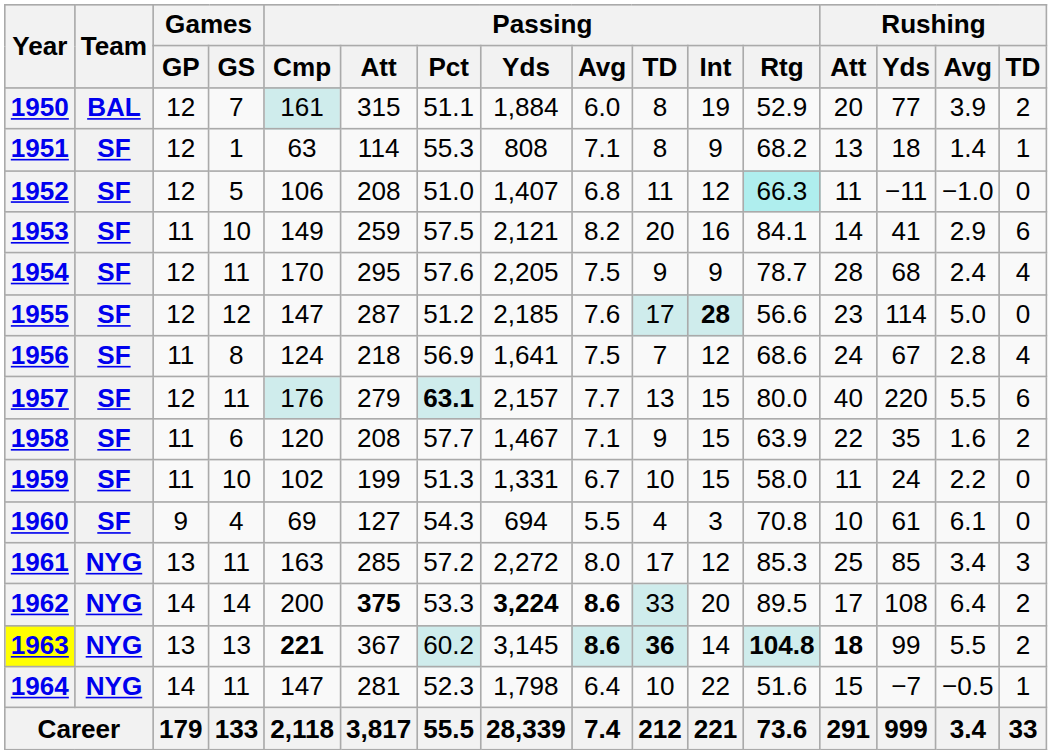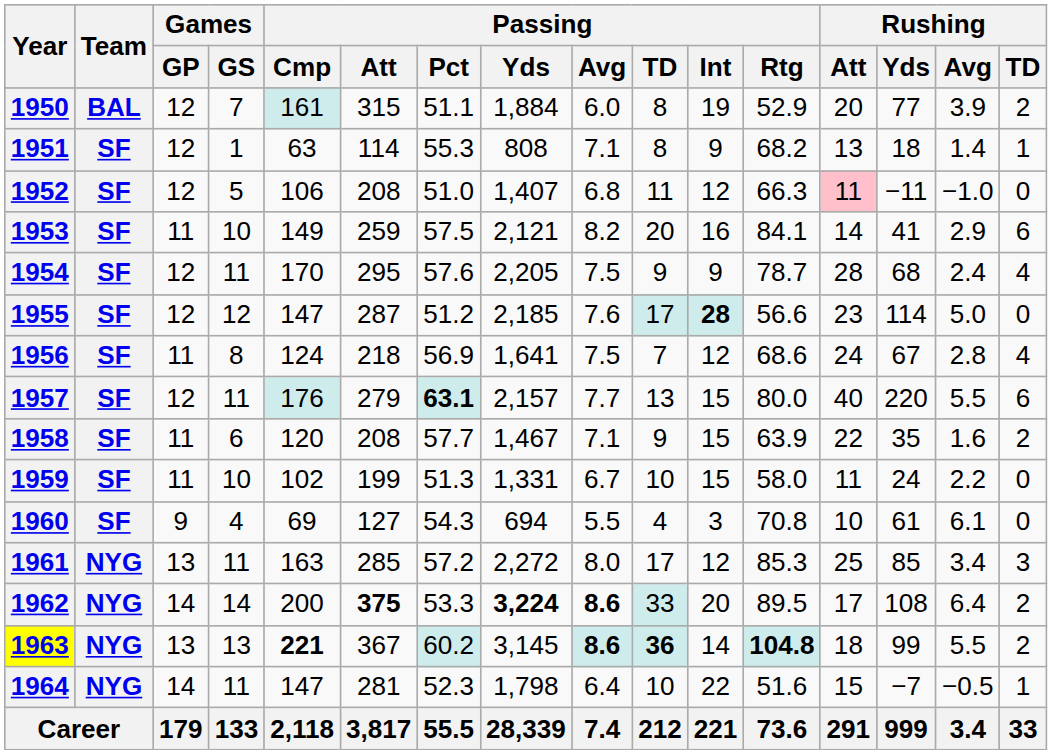 <table class="wikitable" style="text-align:center;">
 <tr>
 <th rowspan="2">Year</th>
 <th rowspan="2">Team</th>
 <th colspan="2">Games</th>
 <th colspan="8">Passing</th>
 <th colspan="4">Rushing</th>
 </tr>
 <tr>
 <th>GP</th>
 <th>GS</th>
 <th>Cmp</th>
 <th>Att</th>
 <th>Pct</th>
 <th>Yds</th>
 <th>Avg</th>
 <th>TD</th>
 <th>Int</th>
 <th>Rtg</th>
 <th>Att</th>
 <th>Yds</th>
 <th>Avg</th>
 <th>TD</th>
 </tr>
 <tr>
 <th><a href='#'>1950</a></th>
 <th><a href='#'>BAL</a></th>
 <td>12</td>
 <td>7</td>
 <td style="background:#cfecec;">161</td>
 <td>315</td>
 <td>51.1</td>
 <td>1,884</td>
 <td>6.0</td>
 <td>8</td>
 <td>19</td>
 <td>52.9</td>
 <td>20</td>
 <td>77</td>
 <td>3.9</td>
 <td>2</td>
 </tr>
 <tr>
 <th><a href='#'>1951</a></th>
 <th><a href='#'>SF</a></th>
 <td>12</td>
 <td>1</td>
 <td>63</td>
 <td>114</td>
 <td>55.3</td>
 <td>808</td>
 <td>7.1</td>
 <td>8</td>
 <td>9</td>
 <td>68.2</td>
 <td>13</td>
 <td>18</td>
 <td>1.4</td>
 <td>1</td>
 </tr>
 <tr>
 <th><a href='#'>1952</a></th>
 <th><a href='#'>SF</a></th>
 <td>12</td>
 <td>5</td>
 <td>106</td>
 <td>208</td>
 <td>51.0</td>
 <td>1,407</td>
 <td>6.8</td>
 <td>11</td>
 <td>12</td>
-<td style="background: paleturquoise;">66.3</td>
-<td>11</td>
+<td>66.3</td>
+<td style="background: pink;">11</td>
 <td>−11</td>
 <td>−1.0</td>
 <td>0</td>
 </tr>
 <tr>
 <th><a href='#'>1953</a></th>
 <th><a href='#'>SF</a></th>
 <td>11</td>
 <td>10</td>
 <td>149</td>
 <td>259</td>
 <td>57.5</td>
 <td>2,121</td>
 <td>8.2</td>
 <td>20</td>
 <td>16</td>
 <td>84.1</td>
 <td>14</td>
 <td>41</td>
 <td>2.9</td>
 <td>6</td>
 </tr>
 <tr>
 <th><a href='#'>1954</a></th>
 <th><a href='#'>SF</a></th>
 <td>12</td>
 <td>11</td>
 <td>170</td>
 <td>295</td>
 <td>57.6</td>
 <td>2,205</td>
 <td>7.5</td>
 <td>9</td>
 <td>9</td>
 <td>78.7</td>
 <td>28</td>
 <td>68</td>
 <td>2.4</td>
 <td>4</td>
 </tr>
 <tr>
 <th><a href='#'>1955</a></th>
 <th><a href='#'>SF</a></th>
 <td>12</td>
 <td>12</td>
 <td>147</td>
 <td>287</td>
 <td>51.2</td>
 <td>2,185</td>
 <td>7.6</td>
 <td style="background:#cfecec;">17</td>
 <td style="background:#cfecec;"><strong>28</strong></td>
 <td>56.6</td>
 <td>23</td>
 <td>114</td>
 <td>5.0</td>
 <td>0</td>
 </tr>
 <tr>
 <th><a href='#'>1956</a></th>
 <th><a href='#'>SF</a></th>
 <td>11</td>
 <td>8</td>
 <td>124</td>
 <td>218</td>
 <td>56.9</td>
 <td>1,641</td>
 <td>7.5</td>
 <td>7</td>
 <td>12</td>
 <td>68.6</td>
 <td>24</td>
 <td>67</td>
 <td>2.8</td>
 <td>4</td>
 </tr>
 <tr>
 <th><a href='#'>1957</a></th>
 <th><a href='#'>SF</a></th>
 <td>12</td>
 <td>11</td>
 <td style="background:#cfecec;">176</td>
 <td>279</td>
 <td style="background:#cfecec;"><strong>63.1</strong></td>
 <td>2,157</td>
 <td>7.7</td>
 <td>13</td>
 <td>15</td>
 <td>80.0</td>
 <td>40</td>
 <td>220</td>
 <td>5.5</td>
 <td>6</td>
 </tr>
 <tr>
 <th><a href='#'>1958</a></th>
 <th><a href='#'>SF</a></th>
 <td>11</td>
 <td>6</td>
 <td>120</td>
 <td>208</td>
 <td>57.7</td>
 <td>1,467</td>
 <td>7.1</td>
 <td>9</td>
 <td>15</td>
 <td>63.9</td>
 <td>22</td>
 <td>35</td>
 <td>1.6</td>
 <td>2</td>
 </tr>
 <tr>
 <th><a href='#'>1959</a></th>
 <th><a href='#'>SF</a></th>
 <td>11</td>
 <td>10</td>
 <td>102</td>
 <td>199</td>
 <td>51.3</td>
 <td>1,331</td>
 <td>6.7</td>
 <td>10</td>
 <td>15</td>
 <td>58.0</td>
 <td>11</td>
 <td>24</td>
 <td>2.2</td>
 <td>0</td>
 </tr>
 <tr>
 <th><a href='#'>1960</a></th>
 <th><a href='#'>SF</a></th>
 <td>9</td>
 <td>4</td>
 <td>69</td>
 <td>127</td>
 <td>54.3</td>
 <td>694</td>
 <td>5.5</td>
 <td>4</td>
 <td>3</td>
 <td>70.8</td>
 <td>10</td>
 <td>61</td>
 <td>6.1</td>
 <td>0</td>
 </tr>
 <tr>
 <th><a href='#'>1961</a></th>
 <th><a href='#'>NYG</a></th>
 <td>13</td>
 <td>11</td>
 <td>163</td>
 <td>285</td>
 <td>57.2</td>
 <td>2,272</td>
 <td>8.0</td>
 <td>17</td>
 <td>12</td>
 <td>85.3</td>
 <td>25</td>
 <td>85</td>
 <td>3.4</td>
 <td>3</td>
 </tr>
 <tr>
 <th><a href='#'>1962</a></th>
 <th><a href='#'>NYG</a></th>
 <td>14</td>
 <td>14</td>
 <td>200</td>
 <td><strong>375</strong></td>
 <td>53.3</td>
 <td><strong>3,224</strong></td>
 <td><strong>8.6</strong></td>
 <td style="background:#cfecec;">33</td>
 <td>20</td>
 <td>89.5</td>
 <td>17</td>
 <td>108</td>
 <td>6.4</td>
 <td>2</td>
 </tr>
 <tr>
 <th style="background:#ffff00;"><a href='#'>1963</a></th>
 <th><a href='#'>NYG</a></th>
 <td>13</td>
 <td>13</td>
 <td><strong>221</strong></td>
 <td>367</td>
 <td style="background:#cfecec;">60.2</td>
 <td>3,145</td>
 <td style="background:#cfecec;"><strong>8.6</strong></td>
 <td style="background:#cfecec;"><strong>36</strong></td>
 <td>14</td>
 <td style="background:#cfecec;"><strong>104.8</strong></td>
-<td><strong>18</strong></td>
+<td>18</td>
 <td>99</td>
 <td>5.5</td>
 <td>2</td>
 </tr>
 <tr>
 <th><a href='#'>1964</a></th>
 <th><a href='#'>NYG</a></th>
 <td>14</td>
 <td>11</td>
 <td>147</td>
 <td>281</td>
 <td>52.3</td>
 <td>1,798</td>
 <td>6.4</td>
 <td>10</td>
 <td>22</td>
 <td>51.6</td>
 <td>15</td>
 <td>−7</td>
 <td>−0.5</td>
 <td>1</td>
 </tr>
 <tr>
 <th colspan="2">Career</th>
 <th>179</th>
 <th>133</th>
 <th>2,118</th>
 <th>3,817</th>
 <th>55.5</th>
 <th>28,339</th>
 <th>7.4</th>
 <th>212</th>
 <th>221</th>
 <th>73.6</th>
 <th>291</th>
 <th>999</th>
 <th>3.4</th>
 <th>33</th>
 </tr>
 </table>
